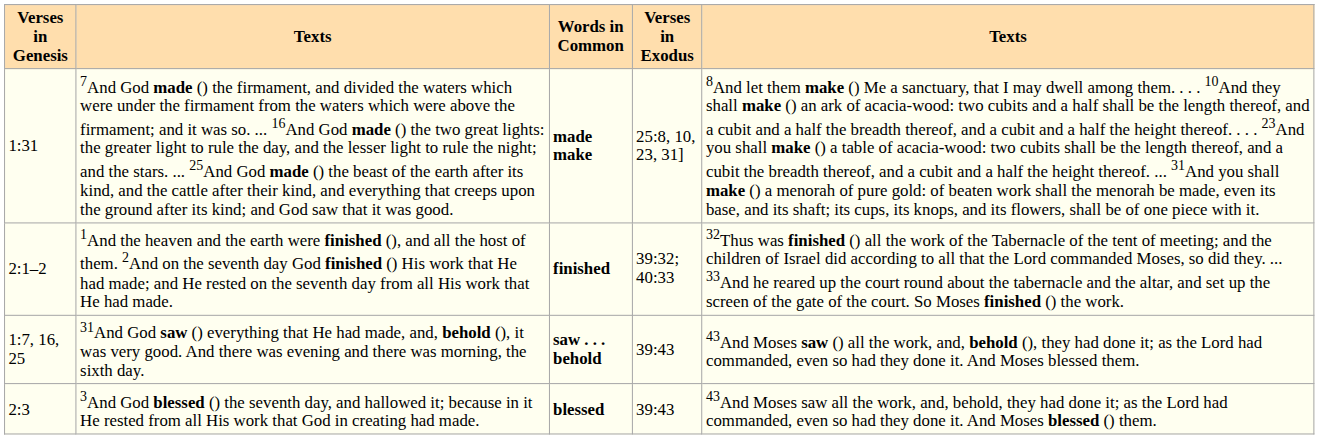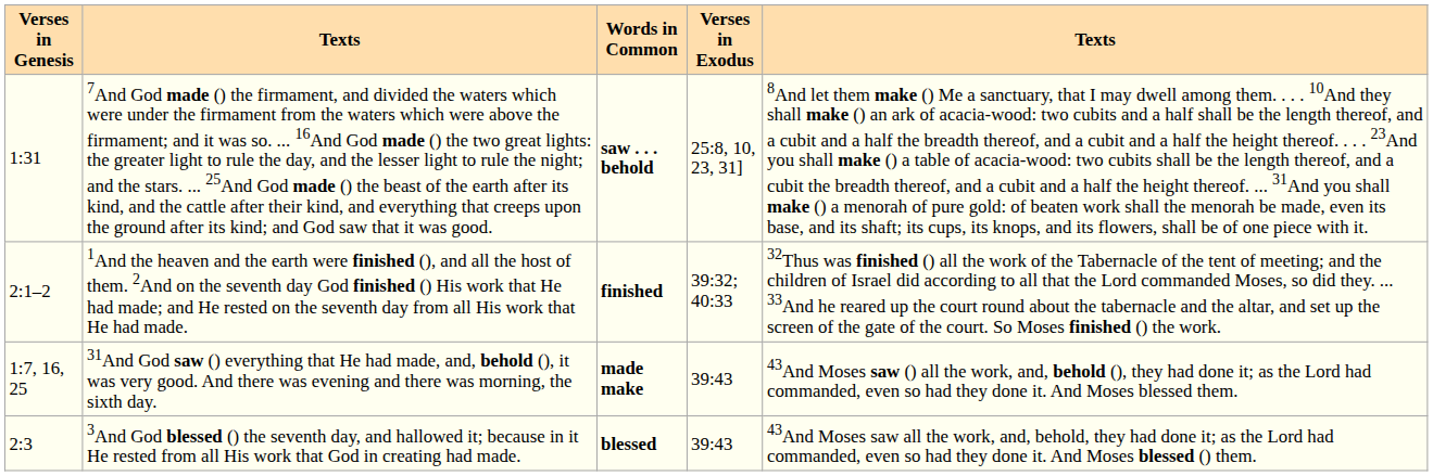 <table class="wikitable" style="background:Ivory;">
 <tr>
 </tr>
 <tr>
 <th style="background:Navajowhite;">Verses in Genesis</th>
 <th style="background:Navajowhite;">Texts</th>
 <th style="background:Navajowhite;">Words in Common</th>
 <th style="background:Navajowhite;">Verses in Exodus</th>
 <th style="background:Navajowhite;">Texts</th>
 </tr>
 <tr>
 <td>1:31</td>
 <td><sup>7</sup>And God <strong>made</strong> () the firmament, and divided the waters which were under the firmament from the waters which were above the firmament; and it was so. ... <sup>16</sup>And God <strong>made</strong> () the two great lights: the greater light to rule the day, and the lesser light to rule the night; and the stars. ... <sup>25</sup>And God <strong>made</strong> () the beast of the earth after its kind, and the cattle after their kind, and everything that creeps upon the ground after its kind; and God saw that it was good.</td>
-<td><strong>made</strong><br><strong>make</strong>   </td>
+<td><strong>saw . . . behold</strong><br></td>
 <td>25:8, 10, 23, 31]</td>
 <td><sup>8</sup>And let them <strong>make</strong> () Me a sanctuary, that I may dwell among them. . . . <sup>10</sup>And they shall <strong>make</strong> () an ark of acacia-wood: two cubits and a half shall be the length thereof, and a cubit and a half the breadth thereof, and a cubit and a half the height thereof. . . . <sup>23</sup>And you shall <strong>make</strong> () a table of acacia-wood: two cubits shall be the length thereof, and a cubit the breadth thereof, and a cubit and a half the height thereof. ... <sup>31</sup>And you shall <strong>make</strong> () a menorah of pure gold: of beaten work shall the menorah be made, even its base, and its shaft; its cups, its knops, and its flowers, shall be of one piece with it.</td>
 </tr>
 <tr>
 <td>2:1–2</td>
 <td><sup>1</sup>And the heaven and the earth were <strong>finished</strong> (), and all the host of them. <sup>2</sup>And on the seventh day God <strong>finished</strong> () His work that He had made; and He rested on the seventh day from all His work that He had made.</td>
 <td><strong>finished</strong><br>  </td>
 <td>39:32; 40:33</td>
 <td><sup>32</sup>Thus was <strong>finished</strong> () all the work of the Tabernacle of the tent of meeting; and the children of Israel did according to all that the Lord commanded Moses, so did they. ... <sup>33</sup>And he reared up the court round about the tabernacle and the altar, and set up the screen of the gate of the court. So Moses <strong>finished</strong> () the work.</td>
 </tr>
 <tr>
 <td>1:7, 16, 25</td>
 <td><sup>31</sup>And God <strong>saw</strong> () everything that He had made, and, <strong>behold</strong> (), it was very good. And there was evening and there was morning, the sixth day.</td>
-<td><strong>saw . . . behold</strong><br></td>
+<td><strong>made</strong><br><strong>make</strong>   </td>
 <td>39:43</td>
 <td><sup>43</sup>And Moses <strong>saw</strong> () all the work, and, <strong>behold</strong> (), they had done it; as the Lord had commanded, even so had they done it. And Moses blessed them.</td>
 </tr>
 <tr>
 <td>2:3</td>
 <td><sup>3</sup>And God <strong>blessed</strong> () the seventh day, and hallowed it; because in it He rested from all His work that God in creating had made.</td>
 <td><strong>blessed</strong><br></td>
 <td>39:43</td>
 <td><sup>43</sup>And Moses saw all the work, and, behold, they had done it; as the Lord had commanded, even so had they done it. And Moses <strong>blessed</strong> () them.</td>
 </tr>
 </table>
